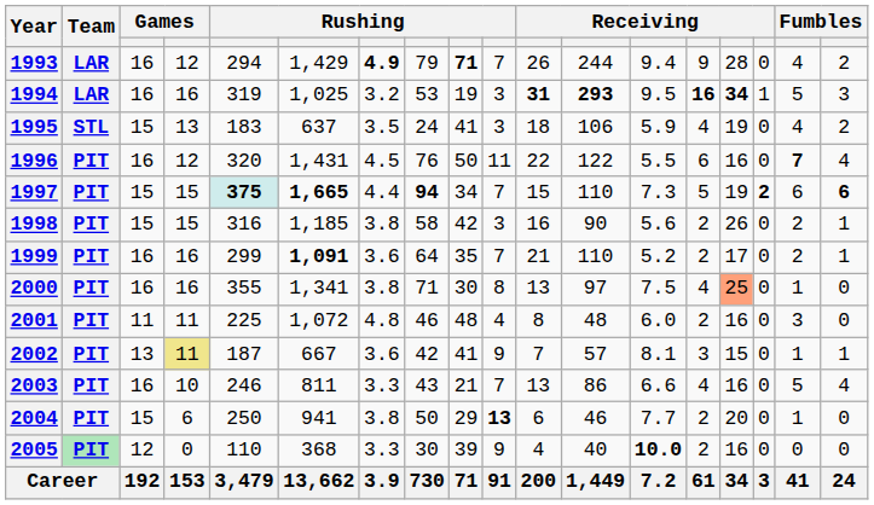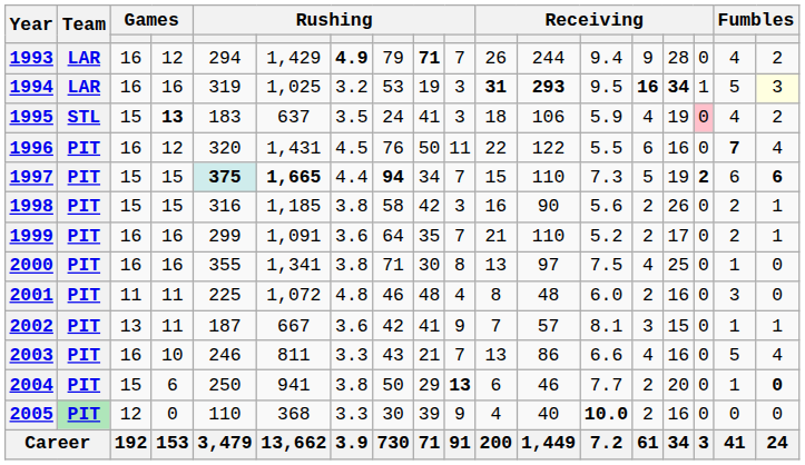 <table class=wikitable style="text-align:center;">
 <tr>
 <th rowspan="2">Year</th>
 <th rowspan="2">Team</th>
 <th colspan="2">Games</th>
 <th colspan="6">Rushing</th>
 <th colspan="6">Receiving</th>
 <th colspan="2">Fumbles</th>
 </tr>
 <tr>
 <th></th>
 <th></th>
 <th></th>
 <th></th>
 <th></th>
 <th></th>
 <th></th>
 <th></th>
 <th></th>
 <th></th>
 <th></th>
 <th></th>
 <th></th>
 <th></th>
 <th></th>
 <th></th>
 </tr>
 <tr>
 <th><a href='#'>1993</a></th>
 <th><a href='#'>LAR</a></th>
 <td>16</td>
 <td>12</td>
 <td>294</td>
 <td>1,429</td>
 <td><strong>4.9</strong></td>
 <td>79</td>
 <td><strong>71</strong></td>
 <td>7</td>
 <td>26</td>
 <td>244</td>
 <td>9.4</td>
 <td>9</td>
 <td>28</td>
 <td>0</td>
 <td>4</td>
 <td>2</td>
 </tr>
 <tr>
 <th><a href='#'>1994</a></th>
 <th><a href='#'>LAR</a></th>
 <td>16</td>
 <td>16</td>
 <td>319</td>
 <td>1,025</td>
 <td>3.2</td>
 <td>53</td>
 <td>19</td>
 <td>3</td>
 <td><strong>31</strong></td>
 <td><strong>293</strong></td>
 <td>9.5</td>
 <td><strong>16</strong></td>
 <td><strong>34</strong></td>
 <td>1</td>
 <td>5</td>
-<td>3</td>
+<td style="background: lightyellow;">3</td>
 </tr>
 <tr>
 <th><a href='#'>1995</a></th>
 <th><a href='#'>STL</a></th>
 <td>15</td>
-<td>13</td>
+<td><strong>13</strong></td>
 <td>183</td>
 <td>637</td>
 <td>3.5</td>
 <td>24</td>
 <td>41</td>
 <td>3</td>
 <td>18</td>
 <td>106</td>
 <td>5.9</td>
 <td>4</td>
 <td>19</td>
-<td>0</td>
+<td style="background: pink;">0</td>
 <td>4</td>
 <td>2</td>
 </tr>
 <tr>
 <th><a href='#'>1996</a></th>
 <th><a href='#'>PIT</a></th>
 <td>16</td>
 <td>12</td>
 <td>320</td>
 <td>1,431</td>
 <td>4.5</td>
 <td>76</td>
 <td>50</td>
 <td>11</td>
 <td>22</td>
 <td>122</td>
 <td>5.5</td>
 <td>6</td>
 <td>16</td>
 <td>0</td>
 <td><strong>7</strong></td>
 <td>4</td>
 </tr>
 <tr>
 <th><a href='#'>1997</a></th>
 <th><a href='#'>PIT</a></th>
 <td>15</td>
 <td>15</td>
 <td style="background:#cfecec;"><strong>375</strong></td>
 <td><strong>1,665</strong></td>
 <td>4.4</td>
 <td><strong>94</strong></td>
 <td>34</td>
 <td>7</td>
 <td>15</td>
 <td>110</td>
 <td>7.3</td>
 <td>5</td>
 <td>19</td>
 <td><strong>2</strong></td>
 <td>6</td>
 <td><strong>6</strong></td>
 </tr>
 <tr>
 <th><a href='#'>1998</a></th>
 <th><a href='#'>PIT</a></th>
 <td>15</td>
 <td>15</td>
 <td>316</td>
 <td>1,185</td>
 <td>3.8</td>
 <td>58</td>
 <td>42</td>
 <td>3</td>
 <td>16</td>
 <td>90</td>
 <td>5.6</td>
 <td>2</td>
 <td>26</td>
 <td>0</td>
 <td>2</td>
 <td>1</td>
 </tr>
 <tr>
 <th><a href='#'>1999</a></th>
 <th><a href='#'>PIT</a></th>
 <td>16</td>
 <td>16</td>
 <td>299</td>
-<td><strong>1,091</strong></td>
+<td>1,091</td>
 <td>3.6</td>
 <td>64</td>
 <td>35</td>
 <td>7</td>
 <td>21</td>
 <td>110</td>
 <td>5.2</td>
 <td>2</td>
 <td>17</td>
 <td>0</td>
 <td>2</td>
 <td>1</td>
 </tr>
 <tr>
 <th><a href='#'>2000</a></th>
 <th><a href='#'>PIT</a></th>
 <td>16</td>
 <td>16</td>
 <td>355</td>
 <td>1,341</td>
 <td>3.8</td>
 <td>71</td>
 <td>30</td>
 <td>8</td>
 <td>13</td>
 <td>97</td>
 <td>7.5</td>
 <td>4</td>
-<td style="background: lightsalmon;">25</td>
+<td>25</td>
 <td>0</td>
 <td>1</td>
 <td>0</td>
 </tr>
 <tr>
 <th><a href='#'>2001</a></th>
 <th><a href='#'>PIT</a></th>
 <td>11</td>
 <td>11</td>
 <td>225</td>
 <td>1,072</td>
 <td>4.8</td>
 <td>46</td>
 <td>48</td>
 <td>4</td>
 <td>8</td>
 <td>48</td>
 <td>6.0</td>
 <td>2</td>
 <td>16</td>
 <td>0</td>
 <td>3</td>
 <td>0</td>
 </tr>
 <tr>
 <th><a href='#'>2002</a></th>
 <th><a href='#'>PIT</a></th>
 <td>13</td>
-<td style="background: khaki;">11</td>
+<td>11</td>
 <td>187</td>
 <td>667</td>
 <td>3.6</td>
 <td>42</td>
 <td>41</td>
 <td>9</td>
 <td>7</td>
 <td>57</td>
 <td>8.1</td>
 <td>3</td>
 <td>15</td>
 <td>0</td>
 <td>1</td>
 <td>1</td>
 </tr>
 <tr>
 <th><a href='#'>2003</a></th>
 <th><a href='#'>PIT</a></th>
 <td>16</td>
 <td>10</td>
 <td>246</td>
 <td>811</td>
 <td>3.3</td>
 <td>43</td>
 <td>21</td>
 <td>7</td>
 <td>13</td>
 <td>86</td>
 <td>6.6</td>
 <td>4</td>
 <td>16</td>
 <td>0</td>
 <td>5</td>
 <td>4</td>
 </tr>
 <tr>
 <th><a href='#'>2004</a></th>
 <th><a href='#'>PIT</a></th>
 <td>15</td>
 <td>6</td>
 <td>250</td>
 <td>941</td>
 <td>3.8</td>
 <td>50</td>
 <td>29</td>
 <td><strong>13</strong></td>
 <td>6</td>
 <td>46</td>
 <td>7.7</td>
 <td>2</td>
 <td>20</td>
 <td>0</td>
 <td>1</td>
-<td>0</td>
+<td><strong>0</strong></td>
 </tr>
 <tr>
 <th><a href='#'>2005</a></th>
 <th style="background:#afe6ba;"><a href='#'>PIT</a></th>
 <td>12</td>
 <td>0</td>
 <td>110</td>
 <td>368</td>
 <td>3.3</td>
 <td>30</td>
 <td>39</td>
 <td>9</td>
 <td>4</td>
 <td>40</td>
 <td><strong>10.0</strong></td>
 <td>2</td>
 <td>16</td>
 <td>0</td>
 <td>0</td>
 <td>0</td>
 </tr>
 <tr>
 <th colspan="2">Career</th>
 <th>192</th>
 <th>153</th>
 <th>3,479</th>
 <th>13,662</th>
 <th>3.9</th>
 <th>730</th>
 <th>71</th>
 <th>91</th>
 <th>200</th>
 <th>1,449</th>
 <th>7.2</th>
 <th>61</th>
 <th>34</th>
 <th>3</th>
 <th>41</th>
 <th>24</th>
 </tr>
 </table>
